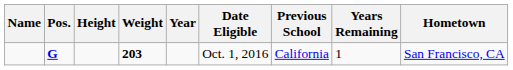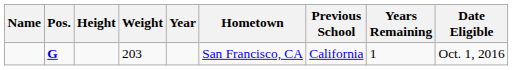 <table class="wikitable sortable" style="font-size:90%;" border="1">
 <tr>
 <th>Name</th>
 <th>Pos.</th>
 <th>Height</th>
 <th>Weight</th>
 <th>Year</th>
-<th ! class="unsortable">Date<br>Eligible</th>
+<th>Hometown</th>
 <th ! class="unsortable">Previous<br>School</th>
 <th ! class="unsortable">Years<br>Remaining</th>
-<th>Hometown</th>
+<th ! class="unsortable">Date<br>Eligible</th>
 </tr>
 <tr>
 <td></td>
 <td><strong><a href='#'>G</a></strong></td>
 <td></td>
-<td><strong>203</strong></td>
+<td>203</td>
 <td></td>
-<td>Oct. 1, 2016</td>
+<td><a href='#'>San Francisco, CA</a></td>
 <td><a href='#'>California</a></td>
 <td>1</td>
-<td><a href='#'>San Francisco, CA</a></td>
+<td>Oct. 1, 2016</td>
 </tr>
 </table>
